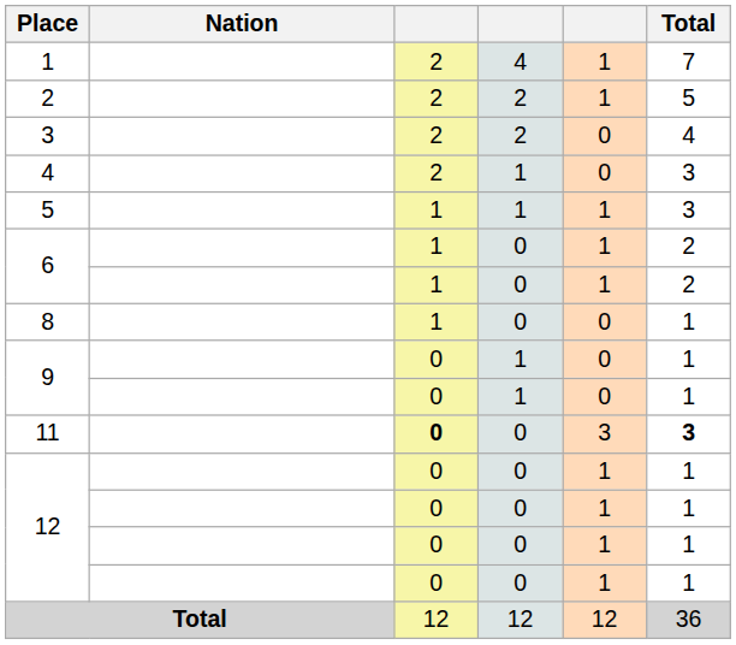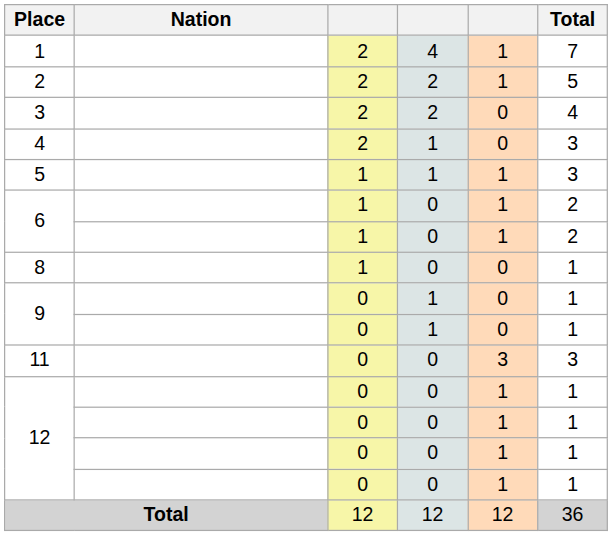 <table class=wikitable style="border:1px solid #AAAAAA">
 <tr bgcolor="#EFEFEF">
 <th width=50>Place</th>
 <th width=200>Nation</th>
 <th width=50></th>
 <th width=50></th>
 <th width=50></th>
 <th width=50>Total</th>
 </tr>
 <tr align="center" valign="center" bgcolor="#FFFFFF">
 <td>1</td>
 <td align="left"></td>
 <td style="background:#F7F6A8;">2</td>
 <td style="background:#DCE5E5;">4</td>
 <td style="background:#FFDAB9;">1</td>
 <td>7</td>
 </tr>
 <tr align="center" valign="center" bgcolor="#FFFFFF">
 <td>2</td>
 <td align="left"></td>
 <td style="background:#F7F6A8;">2</td>
 <td style="background:#DCE5E5;">2</td>
 <td style="background:#FFDAB9;">1</td>
 <td>5</td>
 </tr>
 <tr align="center" valign="center" bgcolor="#FFFFFF">
 <td>3</td>
 <td align="left"></td>
 <td style="background:#F7F6A8;">2</td>
 <td style="background:#DCE5E5;">2</td>
 <td style="background:#FFDAB9;">0</td>
 <td>4</td>
 </tr>
 <tr align="center" valign="center" bgcolor="#FFFFFF">
 <td>4</td>
 <td align="left"></td>
 <td style="background:#F7F6A8;">2</td>
 <td style="background:#DCE5E5;">1</td>
 <td style="background:#FFDAB9;">0</td>
 <td>3</td>
 </tr>
 <tr align="center" valign="center" bgcolor="#FFFFFF">
 <td>5</td>
 <td align="left"></td>
 <td style="background:#F7F6A8;">1</td>
 <td style="background:#DCE5E5;">1</td>
 <td style="background:#FFDAB9;">1</td>
 <td>3</td>
 </tr>
 <tr align="center" valign="center" bgcolor="#FFFFFF">
 <td rowspan=2>6</td>
 <td align="left"></td>
 <td style="background:#F7F6A8;">1</td>
 <td style="background:#DCE5E5;">0</td>
 <td style="background:#FFDAB9;">1</td>
 <td>2</td>
 </tr>
 <tr align="center" valign="center" bgcolor="#FFFFFF">
 <td align="left"></td>
 <td style="background:#F7F6A8;">1</td>
 <td style="background:#DCE5E5;">0</td>
 <td style="background:#FFDAB9;">1</td>
 <td>2</td>
 </tr>
 <tr align="center" valign="center" bgcolor="#FFFFFF">
 <td>8</td>
 <td align="left"></td>
 <td style="background:#F7F6A8;">1</td>
 <td style="background:#DCE5E5;">0</td>
 <td style="background:#FFDAB9;">0</td>
 <td>1</td>
 </tr>
 <tr align="center" valign="center" bgcolor="#FFFFFF">
 <td rowspan=2>9</td>
 <td align="left"></td>
 <td style="background:#F7F6A8;">0</td>
 <td style="background:#DCE5E5;">1</td>
 <td style="background:#FFDAB9;">0</td>
 <td>1</td>
 </tr>
 <tr align="center" valign="center" bgcolor="#FFFFFF">
 <td align="left"></td>
 <td style="background:#F7F6A8;">0</td>
 <td style="background:#DCE5E5;">1</td>
 <td style="background:#FFDAB9;">0</td>
 <td>1</td>
 </tr>
 <tr align="center" valign="center" bgcolor="#FFFFFF">
 <td>11</td>
 <td align="left"></td>
-<td style="background:#F7F6A8;"><strong>0</strong></td>
+<td style="background:#F7F6A8;">0</td>
 <td style="background:#DCE5E5;">0</td>
 <td style="background:#FFDAB9;">3</td>
-<td><strong>3</strong></td>
+<td>3</td>
 </tr>
 <tr align="center" valign="center" bgcolor="#FFFFFF">
 <td rowspan=4>12</td>
 <td align="left"></td>
 <td style="background:#F7F6A8;">0</td>
 <td style="background:#DCE5E5;">0</td>
 <td style="background:#FFDAB9;">1</td>
 <td>1</td>
 </tr>
 <tr align="center" valign="center" bgcolor="#FFFFFF">
 <td align="left"></td>
 <td style="background:#F7F6A8;">0</td>
 <td style="background:#DCE5E5;">0</td>
 <td style="background:#FFDAB9;">1</td>
 <td>1</td>
 </tr>
 <tr align="center" valign="center" bgcolor="#FFFFFF">
 <td align="left"></td>
 <td style="background:#F7F6A8;">0</td>
 <td style="background:#DCE5E5;">0</td>
 <td style="background:#FFDAB9;">1</td>
 <td>1</td>
 </tr>
 <tr align="center" valign="center" bgcolor="#FFFFFF">
 <td align="left"></td>
 <td style="background:#F7F6A8;">0</td>
 <td style="background:#DCE5E5;">0</td>
 <td style="background:#FFDAB9;">1</td>
 <td>1</td>
 </tr>
 <tr align="center">
 <td colspan="2" bgcolor=D3D3D3><strong>Total</strong></td>
 <td style="background:#F7F6A8;">12</td>
 <td style="background:#DCE5E5;">12</td>
 <td style="background:#FFDAB9;">12</td>
 <td bgcolor=D3D3D3>36</td>
 </tr>
 </table>
